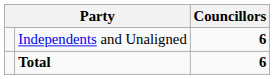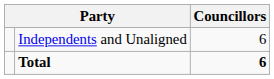 <table class="wikitable">
 <tr>
 <th colspan="2">Party</th>
 <th>Councillors</th>
 </tr>
 <tr>
 <td> </td>
 <td><a href='#'>Independents</a> and Unaligned</td>
-<td align=right><strong>6</strong></td>
+<td align=right>6</td>
 </tr>
 <tr>
 <td></td>
 <td><strong>Total</strong></td>
 <td align=right><strong>6</strong></td>
 </tr>
 </table>
